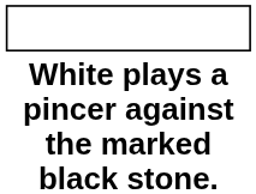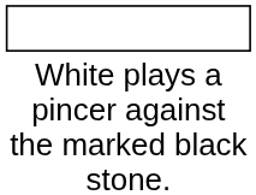 <table style="margin:1em;width: 130px; float:right;">
 <tr>
 <td style="border: solid thin; padding: 2px;"><br></td>
 </tr>
 <tr>
-<td style="text-align:center"><strong>White plays a pincer against the marked black stone.</strong></td>
+<td style="text-align:center">White plays a pincer against the marked black stone.</td>
 </tr>
 </table>
